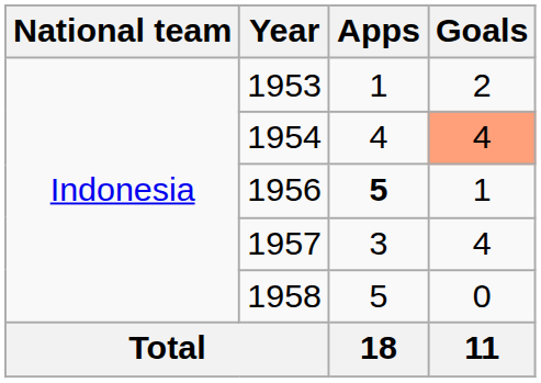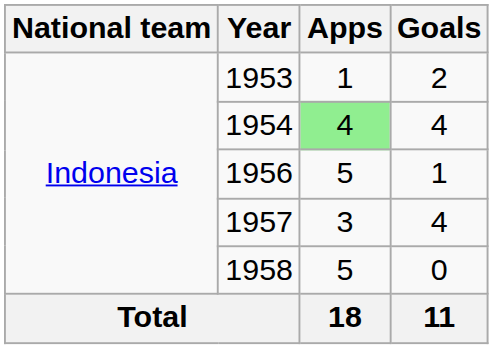 <table class="wikitable">
 <tr>
 <th>National team</th>
 <th>Year</th>
 <th>Apps</th>
 <th>Goals</th>
 </tr>
 <tr>
 <td rowspan="5" align="center"><a href='#'>Indonesia</a></td>
 <td>1953</td>
 <td align="center">1</td>
 <td align="center">2</td>
 </tr>
 <tr>
 <td>1954</td>
+<td align="center" style="background: lightgreen;">4</td>
 <td align="center">4</td>
-<td align="center" style="background: lightsalmon;">4</td>
 </tr>
 <tr>
 <td>1956</td>
-<td align="center"><strong>5</strong></td>
+<td align="center">5</td>
 <td align="center">1</td>
 </tr>
 <tr>
 <td align="center">1957</td>
 <td align="center">3</td>
 <td align="center">4</td>
 </tr>
 <tr>
 <td>1958</td>
 <td align="center">5</td>
 <td align="center">0</td>
 </tr>
 <tr>
 <th colspan="2">Total</th>
 <th>18</th>
 <th>11</th>
 </tr>
 </table>
